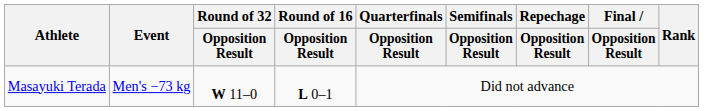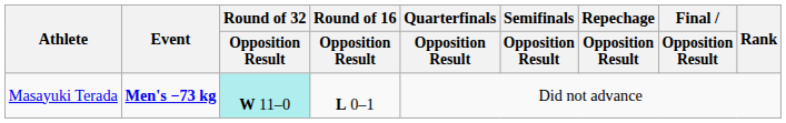 <table class="wikitable" style="font-size:90%; text-align:center">
 <tr>
 <th rowspan=2>Athlete</th>
 <th rowspan=2>Event</th>
 <th>Round of 32</th>
 <th>Round of 16</th>
 <th>Quarterfinals</th>
 <th>Semifinals</th>
 <th>Repechage</th>
 <th>Final / </th>
 <th rowspan=2>Rank</th>
 </tr>
 <tr style="font-size:95%">
 <th>Opposition <br> Result</th>
 <th>Opposition <br> Result</th>
 <th>Opposition <br> Result</th>
 <th>Opposition <br> Result</th>
 <th>Opposition <br> Result</th>
 <th>Opposition <br> Result</th>
 </tr>
 <tr>
 <td align=left><a href='#'>Masayuki Terada</a></td>
-<td align=left><a href='#'>Men's −73 kg</a></td>
-<td><br><strong>W</strong> 11–0</td>
+<td align=left><strong><a href='#'>Men's −73 kg</a></strong></td>
+<td style="background: paleturquoise;"><br><strong>W</strong> 11–0</td>
 <td><br><strong>L</strong> 0–1</td>
 <td colspan=5>Did not advance</td>
 </tr>
 </table>
